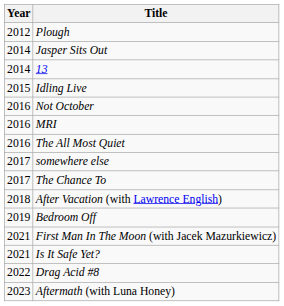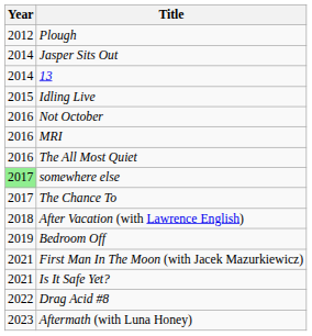 <table class="wikitable" border="1">
 <tr>
 <th>Year</th>
 <th>Title</th>
 </tr>
 <tr>
 <td>2012</td>
 <td><em>Plough</em></td>
 </tr>
 <tr>
 <td>2014</td>
 <td><em>Jasper Sits Out</em></td>
 </tr>
 <tr>
 <td>2014</td>
 <td><em><a href='#'>13</a></em></td>
 </tr>
 <tr>
 <td>2015</td>
 <td><em>Idling Live</em></td>
 </tr>
 <tr>
 <td>2016</td>
 <td><em>Not October</em></td>
 </tr>
 <tr>
 <td>2016</td>
 <td><em>MRI</em></td>
 </tr>
 <tr>
 <td>2016</td>
 <td><em>The All Most Quiet</em></td>
 </tr>
 <tr>
-<td>2017</td>
+<td style="background: lightgreen;">2017</td>
 <td><em>somewhere else</em></td>
 </tr>
 <tr>
 <td>2017</td>
 <td><em>The Chance To</em></td>
 </tr>
 <tr>
 <td>2018</td>
 <td><em>After Vacation</em> (with <a href='#'>Lawrence English</a>)</td>
 </tr>
 <tr>
 <td>2019</td>
 <td><em>Bedroom Off</em></td>
 </tr>
 <tr>
 <td>2021</td>
 <td><em>First Man In The Moon</em> (with Jacek Mazurkiewicz)</td>
 </tr>
 <tr>
 <td>2021</td>
 <td><em>Is It Safe Yet?</em></td>
 </tr>
 <tr>
 <td>2022</td>
 <td><em>Drag Acid #8</em></td>
 </tr>
 <tr>
 <td>2023</td>
 <td><em>Aftermath</em> (with Luna Honey)</td>
 </tr>
 </table>
